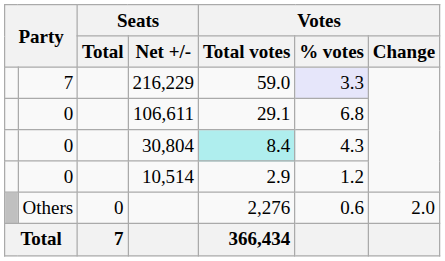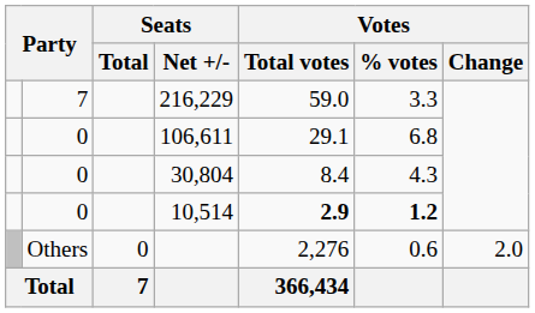 <table class="wikitable" style="text-align:right; font-size:95%;">
 <tr>
 <th colspan="2" rowspan="2">Party</th>
 <th colspan="2">Seats</th>
 <th colspan="3">Votes</th>
 </tr>
 <tr>
 <th>Total</th>
 <th>Net +/-</th>
 <th>Total votes</th>
 <th>% votes</th>
 <th>Change</th>
 </tr>
 <tr>
 <td></td>
 <td>7</td>
 <td></td>
 <td>216,229</td>
 <td>59.0</td>
-<td style="background: lavender;">3.3</td>
+<td>3.3</td>
 </tr>
 <tr>
 <td></td>
 <td>0</td>
 <td></td>
 <td>106,611</td>
 <td>29.1</td>
 <td>6.8</td>
 </tr>
 <tr>
 <td></td>
 <td>0</td>
 <td></td>
 <td>30,804</td>
-<td style="background: paleturquoise;">8.4</td>
+<td>8.4</td>
 <td>4.3</td>
 </tr>
 <tr>
 <td></td>
 <td>0</td>
 <td></td>
 <td>10,514</td>
-<td>2.9</td>
-<td>1.2</td>
+<td><strong>2.9</strong></td>
+<td><strong>1.2</strong></td>
 </tr>
 <tr>
 <td style="background:silver;"> </td>
 <td align=left>Others</td>
 <td>0</td>
 <td></td>
 <td>2,276</td>
 <td>0.6</td>
 <td>2.0</td>
 </tr>
 <tr>
 <th colspan="2" style="background:#f2f2f2">Total</th>
 <td style="background:#f2f2f2;"><strong>7</strong></td>
 <td style="background:#f2f2f2;"></td>
 <td style="background:#f2f2f2;"><strong>366,434</strong></td>
 <td style="background:#f2f2f2;"></td>
 <td style="background:#f2f2f2;"></td>
 </tr>
 </table>
